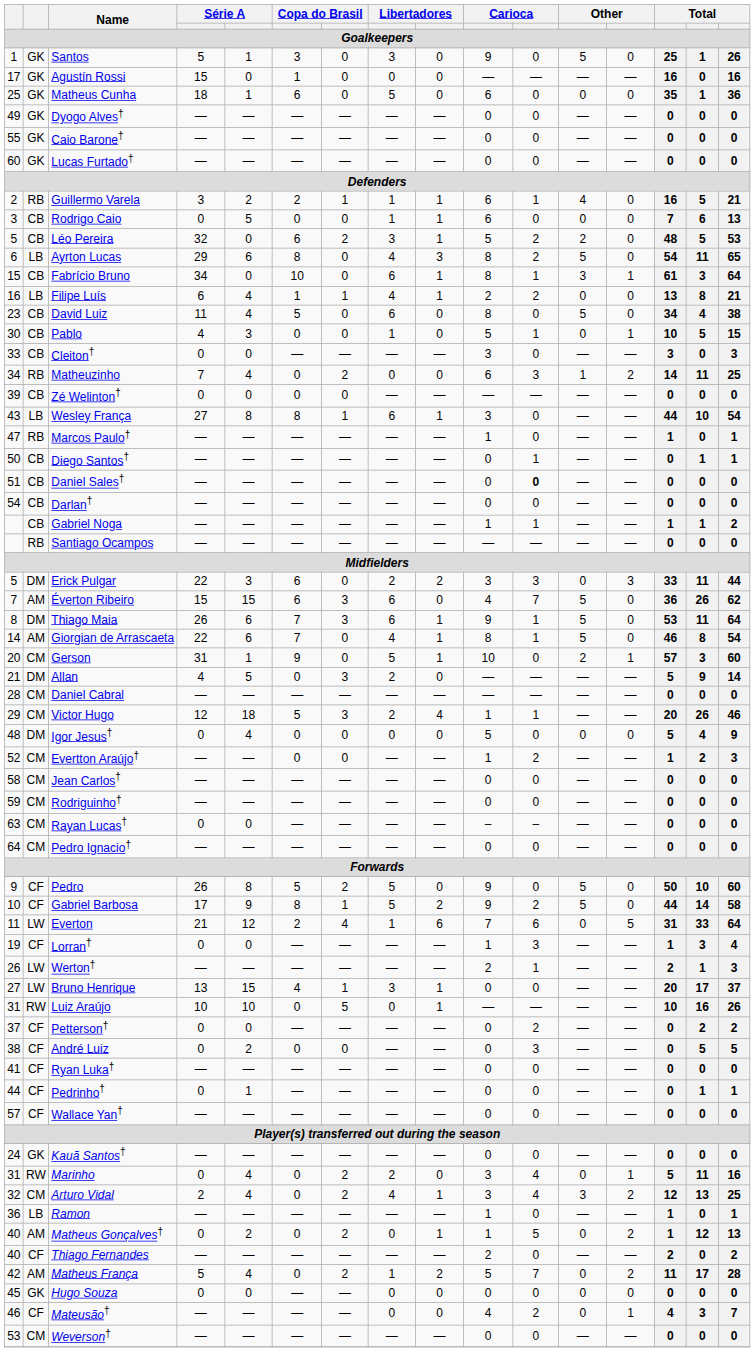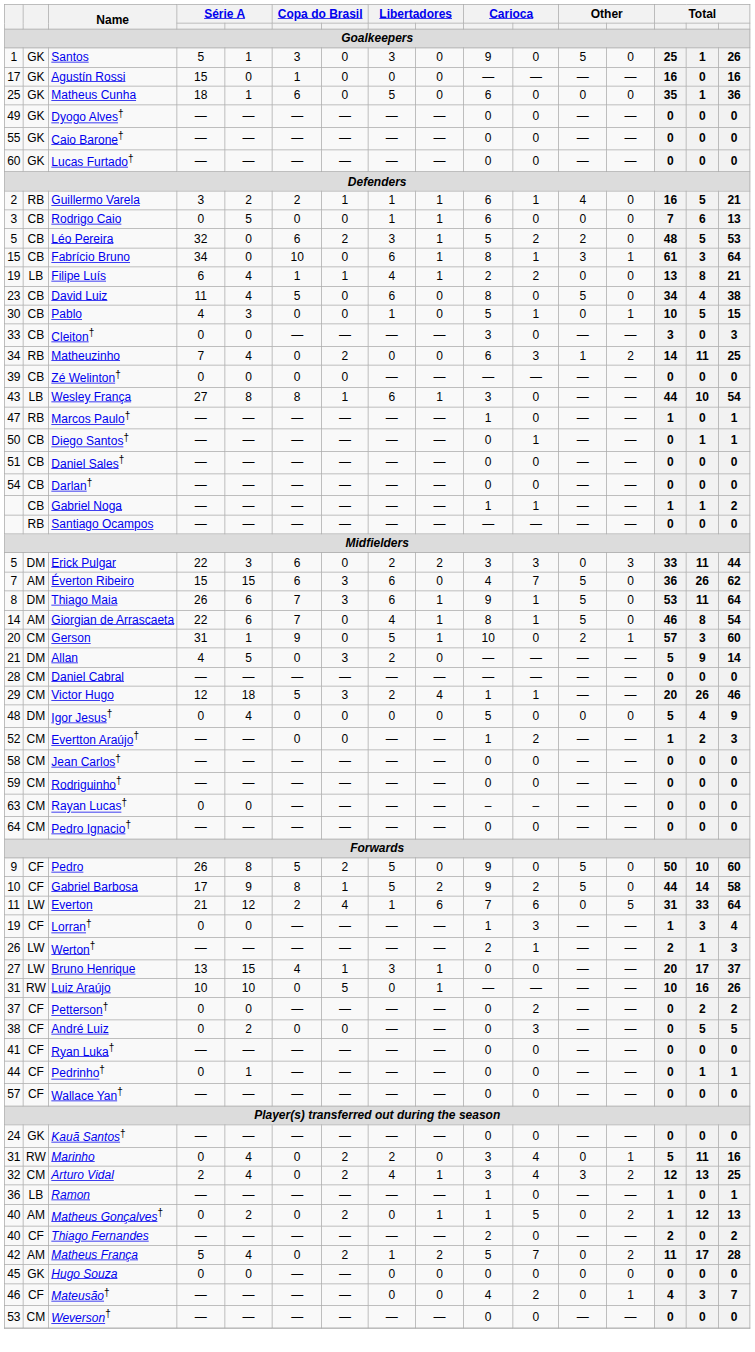 <table class="wikitable sortable" style="text-align:center">
 <tr>
 <th rowspan="2" style="vertical-align:bottom;"></th>
 <th rowspan="2" style="vertical-align:bottom;"></th>
 <th rowspan="2" style="vertical-align:bottom;">Name</th>
 <th colspan="2" style="width:120px;"><a href='#'>Série A</a></th>
 <th colspan="2" style="width:120px;"><a href='#'>Copa do Brasil</a></th>
 <th colspan="2" style="width:120px;"><a href='#'>Libertadores</a></th>
 <th colspan="2" style="width:120px;"><a href='#'>Carioca</a></th>
 <th colspan="2" style="width:120px;">Other</th>
 <th colspan="3" style="width:120px;">Total</th>
 </tr>
 <tr>
 <th></th>
 <th></th>
 <th></th>
 <th></th>
 <th></th>
 <th></th>
 <th></th>
 <th></th>
 <th></th>
 <th></th>
 <th></th>
 <th></th>
 <th></th>
 </tr>
 <tr>
 <th colspan=16 style=background:#dcdcdc; text-align:center><em>Goalkeepers</em></th>
 </tr>
 <tr>
 <td>1</td>
 <td>GK</td>
 <td style="text-align:left;"> <a href='#'>Santos</a></td>
 <td>5</td>
 <td>1</td>
 <td>3</td>
 <td>0</td>
 <td>3</td>
 <td>0</td>
 <td>9</td>
 <td>0</td>
 <td>5</td>
 <td>0</td>
 <th>25</th>
 <th>1</th>
 <th>26</th>
 </tr>
 <tr>
 <td>17</td>
 <td>GK</td>
 <td align="left"> <a href='#'>Agustín Rossi</a></td>
 <td>15</td>
 <td>0</td>
 <td>1</td>
 <td>0</td>
 <td>0</td>
 <td>0</td>
 <td>—</td>
 <td>—</td>
 <td>—</td>
 <td>—</td>
 <th>16</th>
 <th>0</th>
 <th>16</th>
 </tr>
 <tr>
 <td>25</td>
 <td>GK</td>
 <td align="left"> <a href='#'>Matheus Cunha</a></td>
 <td>18</td>
 <td>1</td>
 <td>6</td>
 <td>0</td>
 <td>5</td>
 <td>0</td>
 <td>6</td>
 <td>0</td>
 <td>0</td>
 <td>0</td>
 <th>35</th>
 <th>1</th>
 <th>36</th>
 </tr>
 <tr>
 <td>49</td>
 <td>GK</td>
 <td align="left"> <a href='#'>Dyogo Alves</a><sup>†</sup></td>
 <td>—</td>
 <td>—</td>
 <td>—</td>
 <td>—</td>
 <td>—</td>
 <td>—</td>
 <td>0</td>
 <td>0</td>
 <td>—</td>
 <td>—</td>
 <th>0</th>
 <th>0</th>
 <th>0</th>
 </tr>
 <tr>
 <td>55</td>
 <td>GK</td>
 <td align="left"> <a href='#'>Caio Barone</a><sup>†</sup></td>
 <td>—</td>
 <td>—</td>
 <td>—</td>
 <td>—</td>
 <td>—</td>
 <td>—</td>
 <td>0</td>
 <td>0</td>
 <td>—</td>
 <td>—</td>
 <th>0</th>
 <th>0</th>
 <th>0</th>
 </tr>
 <tr>
 <td>60</td>
 <td>GK</td>
 <td style="text-align:left;"> <a href='#'>Lucas Furtado</a><sup>†</sup></td>
 <td>—</td>
 <td>—</td>
 <td>—</td>
 <td>—</td>
 <td>—</td>
 <td>—</td>
 <td>0</td>
 <td>0</td>
 <td>—</td>
 <td>—</td>
 <th>0</th>
 <th>0</th>
 <th>0</th>
 </tr>
 <tr>
 <th colspan="16" style="background:#dcdcdc;" text-align:center><em>Defenders</em></th>
 </tr>
 <tr>
 <td>2</td>
 <td>RB</td>
 <td align="left"> <a href='#'>Guillermo Varela</a></td>
 <td>3</td>
 <td>2</td>
 <td>2</td>
 <td>1</td>
 <td>1</td>
 <td>1</td>
 <td>6</td>
 <td>1</td>
 <td>4</td>
 <td>0</td>
 <th>16</th>
 <th>5</th>
 <th>21</th>
 </tr>
 <tr>
 <td>3</td>
 <td>CB</td>
 <td align="left"> <a href='#'>Rodrigo Caio</a></td>
 <td>0</td>
 <td>5</td>
 <td>0</td>
 <td>0</td>
 <td>1</td>
 <td>1</td>
 <td>6</td>
 <td>0</td>
 <td>0</td>
 <td>0</td>
 <th>7</th>
 <th>6</th>
 <th>13</th>
 </tr>
 <tr>
 <td>5</td>
 <td>CB</td>
 <td align="left"> <a href='#'>Léo Pereira</a></td>
 <td>32</td>
 <td>0</td>
 <td>6</td>
 <td>2</td>
 <td>3</td>
 <td>1</td>
 <td>5</td>
 <td>2</td>
 <td>2</td>
 <td>0</td>
 <th>48</th>
 <th>5</th>
 <th>53</th>
 </tr>
 <tr>
-<td>6</td>
-<td>LB</td>
-<td style="text-align:left;"> <a href='#'>Ayrton Lucas</a></td>
-<td>29</td>
-<td>6</td>
-<td>8</td>
-<td>0</td>
-<td>4</td>
-<td>3</td>
-<td>8</td>
-<td>2</td>
-<td>5</td>
-<td>0</td>
-<th>54</th>
-<th>11</th>
-<th>65</th>
-</tr>
-<tr>
 <td>15</td>
 <td>CB</td>
 <td style="text-align:left;"> <a href='#'>Fabrício Bruno</a></td>
 <td>34</td>
 <td>0</td>
 <td>10</td>
 <td>0</td>
 <td>6</td>
 <td>1</td>
 <td>8</td>
 <td>1</td>
 <td>3</td>
 <td>1</td>
 <th>61</th>
 <th>3</th>
 <th>64</th>
 </tr>
 <tr>
-<td>16</td>
+<td>19</td>
 <td>LB</td>
 <td style="text-align:left;"> <a href='#'>Filipe Luís</a></td>
 <td>6</td>
 <td>4</td>
 <td>1</td>
 <td>1</td>
 <td>4</td>
 <td>1</td>
 <td>2</td>
 <td>2</td>
 <td>0</td>
 <td>0</td>
 <th>13</th>
 <th>8</th>
 <th>21</th>
 </tr>
 <tr>
 <td>23</td>
 <td>CB</td>
 <td style="text-align:left;"> <a href='#'>David Luiz</a></td>
 <td>11</td>
 <td>4</td>
 <td>5</td>
 <td>0</td>
 <td>6</td>
 <td>0</td>
 <td>8</td>
 <td>0</td>
 <td>5</td>
 <td>0</td>
 <th>34</th>
 <th>4</th>
 <th>38</th>
 </tr>
 <tr>
 <td>30</td>
 <td>CB</td>
 <td style="text-align:left;"> <a href='#'>Pablo</a></td>
 <td>4</td>
 <td>3</td>
 <td>0</td>
 <td>0</td>
 <td>1</td>
 <td>0</td>
 <td>5</td>
 <td>1</td>
 <td>0</td>
 <td>1</td>
 <th>10</th>
 <th>5</th>
 <th>15</th>
 </tr>
 <tr>
 <td>33</td>
 <td>CB</td>
 <td align="left"> <a href='#'>Cleiton</a><sup>†</sup></td>
 <td>0</td>
 <td>0</td>
 <td>—</td>
 <td>—</td>
 <td>—</td>
 <td>—</td>
 <td>3</td>
 <td>0</td>
 <td>—</td>
 <td>—</td>
 <th>3</th>
 <th>0</th>
 <th>3</th>
 </tr>
 <tr>
 <td>34</td>
 <td>RB</td>
 <td style="text-align:left;"> <a href='#'>Matheuzinho</a></td>
 <td>7</td>
 <td>4</td>
 <td>0</td>
 <td>2</td>
 <td>0</td>
 <td>0</td>
 <td>6</td>
 <td>3</td>
 <td>1</td>
 <td>2</td>
 <th>14</th>
 <th>11</th>
 <th>25</th>
 </tr>
 <tr>
 <td>39</td>
 <td>CB</td>
 <td style="text-align:left;"> <a href='#'>Zé Welinton</a><sup>†</sup></td>
 <td>0</td>
 <td>0</td>
 <td>0</td>
 <td>0</td>
 <td>—</td>
 <td>—</td>
 <td>—</td>
 <td>—</td>
 <td>—</td>
 <td>—</td>
 <th>0</th>
 <th>0</th>
 <th>0</th>
 </tr>
 <tr>
 <td>43</td>
 <td>LB</td>
 <td style="text-align:left;"> <a href='#'>Wesley França</a></td>
 <td>27</td>
 <td>8</td>
 <td>8</td>
 <td>1</td>
 <td>6</td>
 <td>1</td>
 <td>3</td>
 <td>0</td>
 <td>—</td>
 <td>—</td>
 <th>44</th>
 <th>10</th>
 <th>54</th>
 </tr>
 <tr>
 <td>47</td>
 <td>RB</td>
 <td style="text-align:left;"> <a href='#'>Marcos Paulo</a><sup>†</sup></td>
 <td>—</td>
 <td>—</td>
 <td>—</td>
 <td>—</td>
 <td>—</td>
 <td>—</td>
 <td>1</td>
 <td>0</td>
 <td>—</td>
 <td>—</td>
 <th>1</th>
 <th>0</th>
 <th>1</th>
 </tr>
 <tr>
 <td>50</td>
 <td>CB</td>
 <td style="text-align:left;"> <a href='#'>Diego Santos</a><sup>†</sup></td>
 <td>—</td>
 <td>—</td>
 <td>—</td>
 <td>—</td>
 <td>—</td>
 <td>—</td>
 <td>0</td>
 <td>1</td>
 <td>—</td>
 <td>—</td>
 <th>0</th>
 <th>1</th>
 <th>1</th>
 </tr>
 <tr>
 <td>51</td>
 <td>CB</td>
 <td style="text-align:left;"> <a href='#'>Daniel Sales</a><sup>†</sup></td>
 <td>—</td>
 <td>—</td>
 <td>—</td>
 <td>—</td>
 <td>—</td>
 <td>—</td>
 <td>0</td>
-<td><strong>0</strong></td>
+<td>0</td>
 <td>—</td>
 <td>—</td>
 <th>0</th>
 <th>0</th>
 <th>0</th>
 </tr>
 <tr>
 <td>54</td>
 <td>CB</td>
 <td style="text-align:left;"> <a href='#'>Darlan</a><sup>†</sup></td>
 <td>—</td>
 <td>—</td>
 <td>—</td>
 <td>—</td>
 <td>—</td>
 <td>—</td>
 <td>0</td>
 <td>0</td>
 <td>—</td>
 <td>—</td>
 <th>0</th>
 <th>0</th>
 <th>0</th>
 </tr>
 <tr>
 <td></td>
 <td>CB</td>
 <td style="text-align:left;"> <a href='#'>Gabriel Noga</a></td>
 <td>—</td>
 <td>—</td>
 <td>—</td>
 <td>—</td>
 <td>—</td>
 <td>—</td>
 <td>1</td>
 <td>1</td>
 <td>—</td>
 <td>—</td>
 <th>1</th>
 <th>1</th>
 <th>2</th>
 </tr>
 <tr>
 <td></td>
 <td>RB</td>
 <td style="text-align:left;"> <a href='#'>Santiago Ocampos</a></td>
 <td>—</td>
 <td>—</td>
 <td>—</td>
 <td>—</td>
 <td>—</td>
 <td>—</td>
 <td>—</td>
 <td>—</td>
 <td>—</td>
 <td>—</td>
 <th>0</th>
 <th>0</th>
 <th>0</th>
 </tr>
 <tr>
 <th colspan="16" style="background:#dcdcdc;" text-align:center><em>Midfielders</em></th>
 </tr>
 <tr>
 <td>5</td>
 <td>DM</td>
 <td style="text-align:left;"> <a href='#'>Erick Pulgar</a></td>
 <td>22</td>
 <td>3</td>
 <td>6</td>
 <td>0</td>
 <td>2</td>
 <td>2</td>
 <td>3</td>
 <td>3</td>
 <td>0</td>
 <td>3</td>
 <th>33</th>
 <th>11</th>
 <th>44</th>
 </tr>
 <tr>
 <td>7</td>
 <td>AM</td>
 <td style="text-align:left;"> <a href='#'>Éverton Ribeiro</a></td>
 <td>15</td>
 <td>15</td>
 <td>6</td>
 <td>3</td>
 <td>6</td>
 <td>0</td>
 <td>4</td>
 <td>7</td>
 <td>5</td>
 <td>0</td>
 <th>36</th>
 <th>26</th>
 <th>62</th>
 </tr>
 <tr>
 <td>8</td>
 <td>DM</td>
 <td style="text-align:left;"> <a href='#'>Thiago Maia</a></td>
 <td>26</td>
 <td>6</td>
 <td>7</td>
 <td>3</td>
 <td>6</td>
 <td>1</td>
 <td>9</td>
 <td>1</td>
 <td>5</td>
 <td>0</td>
 <th>53</th>
 <th>11</th>
 <th>64</th>
 </tr>
 <tr>
 <td>14</td>
 <td>AM</td>
 <td style="text-align:left;"> <a href='#'>Giorgian de Arrascaeta</a></td>
 <td>22</td>
 <td>6</td>
 <td>7</td>
 <td>0</td>
 <td>4</td>
 <td>1</td>
 <td>8</td>
 <td>1</td>
 <td>5</td>
 <td>0</td>
 <th>46</th>
 <th>8</th>
 <th>54</th>
 </tr>
 <tr>
 <td>20</td>
 <td>CM</td>
 <td style="text-align:left;"> <a href='#'>Gerson</a></td>
 <td>31</td>
 <td>1</td>
 <td>9</td>
 <td>0</td>
 <td>5</td>
 <td>1</td>
 <td>10</td>
 <td>0</td>
 <td>2</td>
 <td>1</td>
 <th>57</th>
 <th>3</th>
 <th>60</th>
 </tr>
 <tr>
 <td>21</td>
 <td>DM</td>
 <td style="text-align:left;"> <a href='#'>Allan</a></td>
 <td>4</td>
 <td>5</td>
 <td>0</td>
 <td>3</td>
 <td>2</td>
 <td>0</td>
 <td>—</td>
 <td>—</td>
 <td>—</td>
 <td>—</td>
 <th>5</th>
 <th>9</th>
 <th>14</th>
 </tr>
 <tr>
 <td>28</td>
 <td>CM</td>
 <td style="text-align:left;"> <a href='#'>Daniel Cabral</a></td>
 <td>—</td>
 <td>—</td>
 <td>—</td>
 <td>—</td>
 <td>—</td>
 <td>—</td>
 <td>—</td>
 <td>—</td>
 <td>—</td>
 <td>—</td>
 <th>0</th>
 <th>0</th>
 <th>0</th>
 </tr>
 <tr>
 <td>29</td>
 <td>CM</td>
 <td style="text-align:left;"> <a href='#'>Victor Hugo</a></td>
 <td>12</td>
 <td>18</td>
 <td>5</td>
 <td>3</td>
 <td>2</td>
 <td>4</td>
 <td>1</td>
 <td>1</td>
 <td>—</td>
 <td>—</td>
 <th>20</th>
 <th>26</th>
 <th>46</th>
 </tr>
 <tr>
 <td>48</td>
 <td>DM</td>
 <td style="text-align:left;"> <a href='#'>Igor Jesus</a><sup>†</sup></td>
 <td>0</td>
 <td>4</td>
 <td>0</td>
 <td>0</td>
 <td>0</td>
 <td>0</td>
 <td>5</td>
 <td>0</td>
 <td>0</td>
 <td>0</td>
 <th>5</th>
 <th>4</th>
 <th>9</th>
 </tr>
 <tr>
 <td>52</td>
 <td>CM</td>
 <td style="text-align:left;"> <a href='#'>Evertton Araújo</a><sup>†</sup></td>
 <td>—</td>
 <td>—</td>
 <td>0</td>
 <td>0</td>
 <td>—</td>
 <td>—</td>
 <td>1</td>
 <td>2</td>
 <td>—</td>
 <td>—</td>
 <th>1</th>
 <th>2</th>
 <th>3</th>
 </tr>
 <tr>
 <td>58</td>
 <td>CM</td>
 <td style="text-align:left;"> <a href='#'>Jean Carlos</a><sup>†</sup></td>
 <td>—</td>
 <td>—</td>
 <td>—</td>
 <td>—</td>
 <td>—</td>
 <td>—</td>
 <td>0</td>
 <td>0</td>
 <td>—</td>
 <td>—</td>
 <th>0</th>
 <th>0</th>
 <th>0</th>
 </tr>
 <tr>
 <td>59</td>
 <td>CM</td>
 <td style="text-align:left;"> <a href='#'>Rodriguinho</a><sup>†</sup></td>
 <td>—</td>
 <td>—</td>
 <td>—</td>
 <td>—</td>
 <td>—</td>
 <td>—</td>
 <td>0</td>
 <td>0</td>
 <td>—</td>
 <td>—</td>
 <th>0</th>
 <th>0</th>
 <th>0</th>
 </tr>
 <tr>
 <td>63</td>
 <td>CM</td>
 <td style="text-align:left;"> <a href='#'>Rayan Lucas</a><sup>†</sup></td>
 <td>0</td>
 <td>0</td>
 <td>—</td>
 <td>—</td>
 <td>—</td>
 <td>—</td>
 <td>–</td>
 <td>–</td>
 <td>—</td>
 <td>—</td>
 <th>0</th>
 <th>0</th>
 <th>0</th>
 </tr>
 <tr>
 <td>64</td>
 <td>CM</td>
 <td style="text-align:left;"> <a href='#'>Pedro Ignacio</a><sup>†</sup></td>
 <td>—</td>
 <td>—</td>
 <td>—</td>
 <td>—</td>
 <td>—</td>
 <td>—</td>
 <td>0</td>
 <td>0</td>
 <td>—</td>
 <td>—</td>
 <th>0</th>
 <th>0</th>
 <th>0</th>
 </tr>
 <tr>
 <th colspan="16" style="background:#dcdcdc;" text-align:center><em>Forwards</em></th>
 </tr>
 <tr>
 <td>9</td>
 <td>CF</td>
 <td style="text-align:left;"> <a href='#'>Pedro</a></td>
 <td>26</td>
 <td>8</td>
 <td>5</td>
 <td>2</td>
 <td>5</td>
 <td>0</td>
 <td>9</td>
 <td>0</td>
 <td>5</td>
 <td>0</td>
 <th>50</th>
 <th>10</th>
 <th>60</th>
 </tr>
 <tr>
 <td>10</td>
 <td>CF</td>
 <td style="text-align:left;"> <a href='#'>Gabriel Barbosa</a></td>
 <td>17</td>
 <td>9</td>
 <td>8</td>
 <td>1</td>
 <td>5</td>
 <td>2</td>
 <td>9</td>
 <td>2</td>
 <td>5</td>
 <td>0</td>
 <th>44</th>
 <th>14</th>
 <th>58</th>
 </tr>
 <tr>
 <td>11</td>
 <td>LW</td>
 <td style="text-align:left;"> <a href='#'>Everton</a></td>
 <td>21</td>
 <td>12</td>
 <td>2</td>
 <td>4</td>
 <td>1</td>
 <td>6</td>
 <td>7</td>
 <td>6</td>
 <td>0</td>
 <td>5</td>
 <th>31</th>
 <th>33</th>
 <th>64</th>
 </tr>
 <tr>
 <td>19</td>
 <td>CF</td>
 <td style="text-align:left;"> <a href='#'>Lorran</a><sup>†</sup></td>
 <td>0</td>
 <td>0</td>
 <td>—</td>
 <td>—</td>
 <td>—</td>
 <td>—</td>
 <td>1</td>
 <td>3</td>
 <td>—</td>
 <td>—</td>
 <th>1</th>
 <th>3</th>
 <th>4</th>
 </tr>
 <tr>
 <td>26</td>
 <td>LW</td>
 <td style="text-align:left;"> <a href='#'>Werton</a><sup>†</sup></td>
 <td>—</td>
 <td>—</td>
 <td>—</td>
 <td>—</td>
 <td>—</td>
 <td>—</td>
 <td>2</td>
 <td>1</td>
 <td>—</td>
 <td>—</td>
 <th>2</th>
 <th>1</th>
 <th>3</th>
 </tr>
 <tr>
 <td>27</td>
 <td>LW</td>
 <td style="text-align:left;"> <a href='#'>Bruno Henrique</a></td>
 <td>13</td>
 <td>15</td>
 <td>4</td>
 <td>1</td>
 <td>3</td>
 <td>1</td>
 <td>0</td>
 <td>0</td>
 <td>—</td>
 <td>—</td>
 <th>20</th>
 <th>17</th>
 <th>37</th>
 </tr>
 <tr>
 <td>31</td>
 <td>RW</td>
 <td style="text-align:left;"> <a href='#'>Luiz Araújo</a></td>
 <td>10</td>
 <td>10</td>
 <td>0</td>
 <td>5</td>
 <td>0</td>
 <td>1</td>
 <td>—</td>
 <td>—</td>
 <td>—</td>
 <td>—</td>
 <th>10</th>
 <th>16</th>
 <th>26</th>
 </tr>
 <tr>
 <td>37</td>
 <td>CF</td>
 <td style="text-align:left;"> <a href='#'>Petterson</a><sup>†</sup></td>
 <td>0</td>
 <td>0</td>
 <td>—</td>
 <td>—</td>
 <td>—</td>
 <td>—</td>
 <td>0</td>
 <td>2</td>
 <td>—</td>
 <td>—</td>
 <th>0</th>
 <th>2</th>
 <th>2</th>
 </tr>
 <tr>
 <td>38</td>
 <td>CF</td>
 <td style="text-align:left;"> <a href='#'>André Luiz</a></td>
 <td>0</td>
 <td>2</td>
 <td>0</td>
 <td>0</td>
 <td>—</td>
 <td>—</td>
 <td>0</td>
 <td>3</td>
 <td>—</td>
 <td>—</td>
 <th>0</th>
 <th>5</th>
 <th>5</th>
 </tr>
 <tr>
 <td>41</td>
 <td>CF</td>
 <td style="text-align:left;"> <a href='#'>Ryan Luka</a><sup>†</sup></td>
 <td>—</td>
 <td>—</td>
 <td>—</td>
 <td>—</td>
 <td>—</td>
 <td>—</td>
 <td>0</td>
 <td>0</td>
 <td>—</td>
 <td>—</td>
 <th>0</th>
 <th>0</th>
 <th>0</th>
 </tr>
 <tr>
 <td>44</td>
 <td>CF</td>
 <td style="text-align:left;"> <a href='#'>Pedrinho</a><sup>†</sup></td>
 <td>0</td>
 <td>1</td>
 <td>—</td>
 <td>—</td>
 <td>—</td>
 <td>—</td>
 <td>0</td>
 <td>0</td>
 <td>—</td>
 <td>—</td>
 <th>0</th>
 <th>1</th>
 <th>1</th>
 </tr>
 <tr>
 <td>57</td>
 <td>CF</td>
 <td style="text-align:left;"> <a href='#'>Wallace Yan</a><sup>†</sup></td>
 <td>—</td>
 <td>—</td>
 <td>—</td>
 <td>—</td>
 <td>—</td>
 <td>—</td>
 <td>0</td>
 <td>0</td>
 <td>—</td>
 <td>—</td>
 <th>0</th>
 <th>0</th>
 <th>0</th>
 </tr>
 <tr>
 <th colspan="16" style="background:#dcdcdc;" text-align:center><em>Player(s) transferred out during the season</em></th>
 </tr>
 <tr>
 <td>24</td>
 <td>GK</td>
 <td align="left"> <em><a href='#'>Kauã Santos</a></em><sup>†</sup></td>
 <td>—</td>
 <td>—</td>
 <td>—</td>
 <td>—</td>
 <td>—</td>
 <td>—</td>
 <td>0</td>
 <td>0</td>
 <td>—</td>
 <td>—</td>
 <th>0</th>
 <th>0</th>
 <th>0</th>
 </tr>
 <tr>
 <td>31</td>
 <td>RW</td>
 <td style="text-align:left;"> <em><a href='#'>Marinho</a></em></td>
 <td>0</td>
 <td>4</td>
 <td>0</td>
 <td>2</td>
 <td>2</td>
 <td>0</td>
 <td>3</td>
 <td>4</td>
 <td>0</td>
 <td>1</td>
 <th>5</th>
 <th>11</th>
 <th>16</th>
 </tr>
 <tr>
 <td>32</td>
 <td>CM</td>
 <td style="text-align:left;"> <em><a href='#'>Arturo Vidal</a></em></td>
 <td>2</td>
 <td>4</td>
 <td>0</td>
 <td>2</td>
 <td>4</td>
 <td>1</td>
 <td>3</td>
 <td>4</td>
 <td>3</td>
 <td>2</td>
 <th>12</th>
 <th>13</th>
 <th>25</th>
 </tr>
 <tr>
 <td>36</td>
 <td>LB</td>
 <td style="text-align:left;"> <em><a href='#'>Ramon</a></em></td>
 <td>—</td>
 <td>—</td>
 <td>—</td>
 <td>—</td>
 <td>—</td>
 <td>—</td>
 <td>1</td>
 <td>0</td>
 <td>—</td>
 <td>—</td>
 <th>1</th>
 <th>0</th>
 <th>1</th>
 </tr>
 <tr>
 <td>40</td>
 <td>AM</td>
 <td style="text-align:left;"> <em><a href='#'>Matheus Gonçalves</a></em><sup>†</sup></td>
 <td>0</td>
 <td>2</td>
 <td>0</td>
 <td>2</td>
 <td>0</td>
 <td>1</td>
 <td>1</td>
 <td>5</td>
 <td>0</td>
 <td>2</td>
 <th>1</th>
 <th>12</th>
 <th>13</th>
 </tr>
 <tr>
 <td>40</td>
 <td>CF</td>
 <td style="text-align:left;"> <em><a href='#'>Thiago Fernandes</a></em></td>
 <td>—</td>
 <td>—</td>
 <td>—</td>
 <td>—</td>
 <td>—</td>
 <td>—</td>
 <td>2</td>
 <td>0</td>
 <td>—</td>
 <td>—</td>
 <th>2</th>
 <th>0</th>
 <th>2</th>
 </tr>
 <tr>
 <td>42</td>
 <td>AM</td>
 <td style="text-align:left;"> <em><a href='#'>Matheus França</a></em></td>
 <td>5</td>
 <td>4</td>
 <td>0</td>
 <td>2</td>
 <td>1</td>
 <td>2</td>
 <td>5</td>
 <td>7</td>
 <td>0</td>
 <td>2</td>
 <th>11</th>
 <th>17</th>
 <th>28</th>
 </tr>
 <tr>
 <td>45</td>
 <td>GK</td>
 <td align="left"> <em><a href='#'>Hugo Souza</a></em></td>
 <td>0</td>
 <td>0</td>
 <td>—</td>
 <td>—</td>
 <td>0</td>
 <td>0</td>
 <td>0</td>
 <td>0</td>
 <td>0</td>
 <td>0</td>
 <th>0</th>
 <th>0</th>
 <th>0</th>
 </tr>
 <tr>
 <td>46</td>
 <td>CF</td>
 <td style="text-align:left;"> <em><a href='#'>Mateusão</a></em><sup>†</sup></td>
 <td>—</td>
 <td>—</td>
 <td>—</td>
 <td>—</td>
 <td>0</td>
 <td>0</td>
 <td>4</td>
 <td>2</td>
 <td>0</td>
 <td>1</td>
 <th>4</th>
 <th>3</th>
 <th>7</th>
 </tr>
 <tr>
 <td>53</td>
 <td>CM</td>
 <td style="text-align:left;"> <em><a href='#'>Weverson</a></em><sup>†</sup></td>
 <td>—</td>
 <td>—</td>
 <td>—</td>
 <td>—</td>
 <td>—</td>
 <td>—</td>
 <td>0</td>
 <td>0</td>
 <td>—</td>
 <td>—</td>
 <th>0</th>
 <th>0</th>
 <th>0</th>
 </tr>
 <tr>
 </tr>
 </table>
